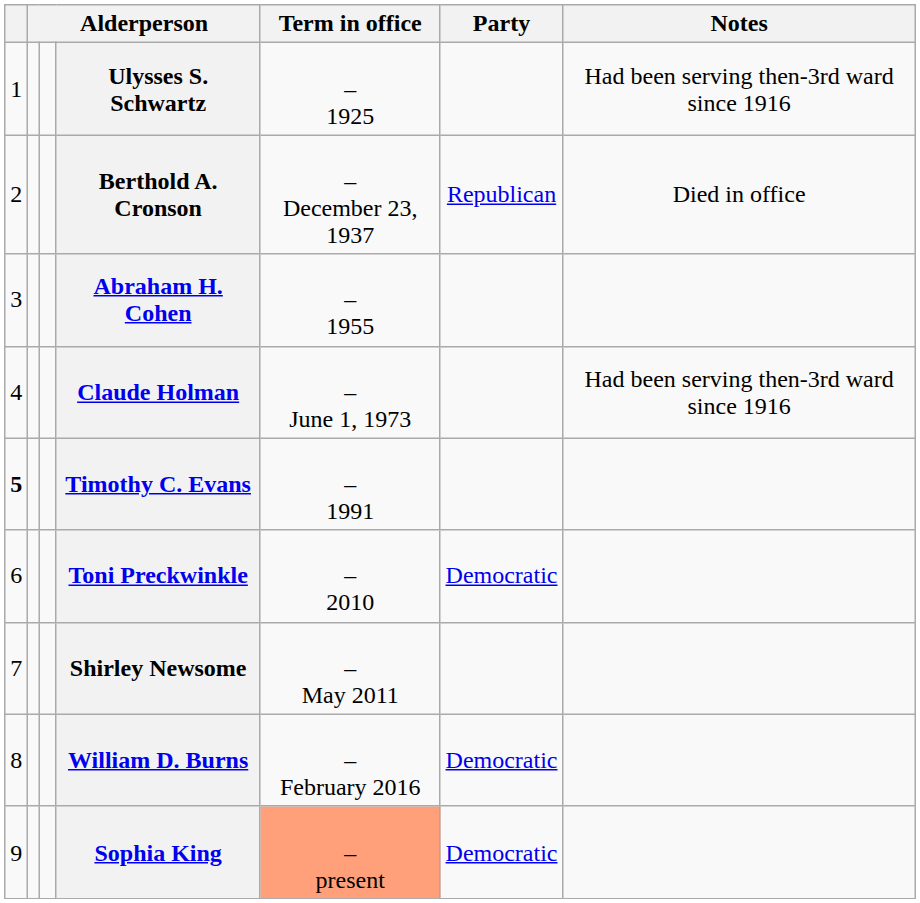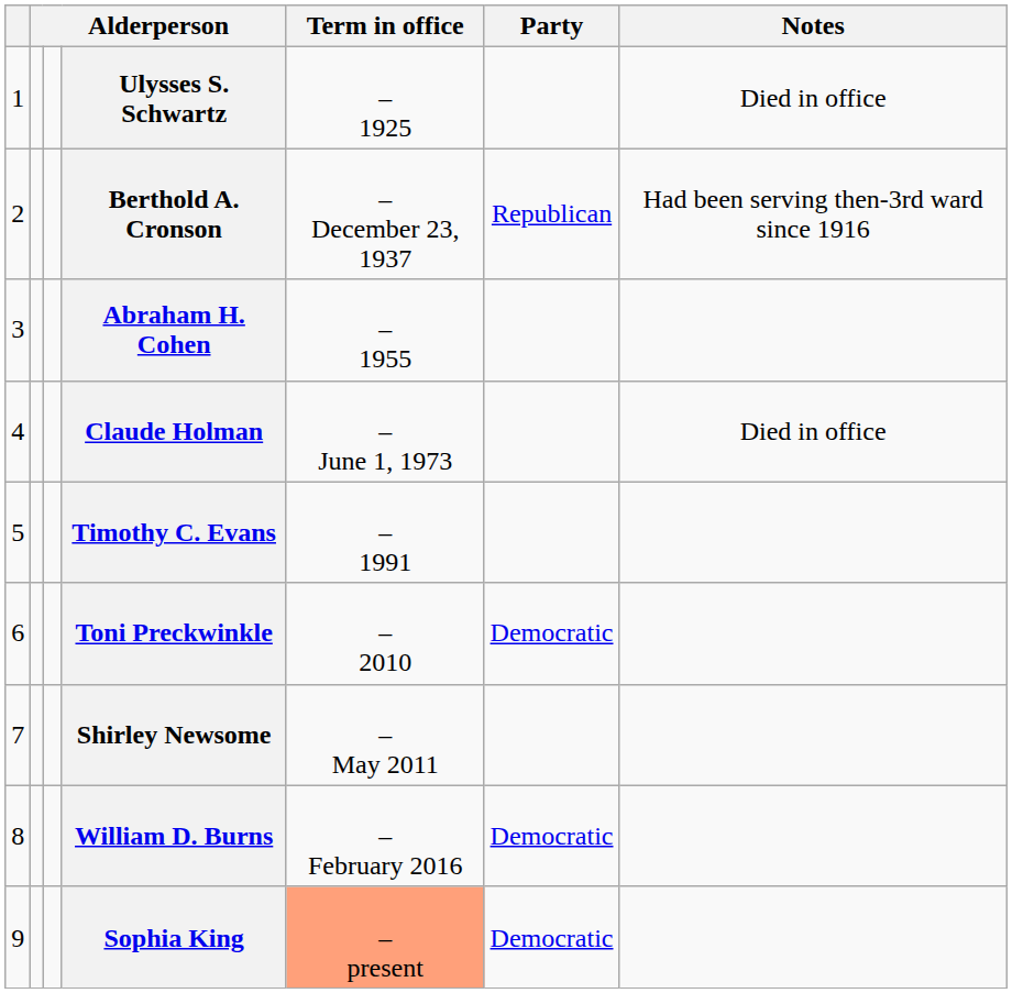 <table class="wikitable sortable" style="text-align:center;">
 <tr>
 <th scope="col"></th>
 <th scope="col" colspan="3">Alderperson</th>
 <th scope="col">Term in office</th>
 <th scope="col">Party</th>
 <th scope="col">Notes</th>
 </tr>
 <tr style="height:2em;">
 <td>1</td>
 <td></td>
 <td> </td>
 <th scope="row">Ulysses S. Schwartz</th>
 <td><br>–<br>1925</td>
 <td></td>
-<td>Had been serving then-3rd ward since 1916</td>
+<td>Died in office</td>
 </tr>
 <tr style="height:2em;">
 <td>2</td>
 <td></td>
 <td> </td>
 <th scope="row">Berthold A. Cronson</th>
 <td><br>–<br>December 23, 1937</td>
 <td><a href='#'>Republican</a></td>
-<td>Died in office</td>
+<td>Had been serving then-3rd ward since 1916</td>
 </tr>
 <tr style="height:2em;">
 <td>3</td>
 <td></td>
 <td> </td>
 <th scope="row"><a href='#'>Abraham H. Cohen</a></th>
 <td><br>–<br>1955</td>
 <td></td>
 <td></td>
 </tr>
 <tr style="height:2em;">
 <td>4</td>
 <td></td>
 <td></td>
 <th scope="row"><a href='#'>Claude Holman</a></th>
 <td><br>–<br>June 1, 1973</td>
 <td></td>
-<td>Had been serving then-3rd ward since 1916</td>
+<td>Died in office</td>
 </tr>
 <tr style="height:2em;">
-<td><strong>5</strong></td>
+<td>5</td>
 <td></td>
 <td></td>
 <th scope="row"><a href='#'>Timothy C. Evans</a></th>
 <td><br>–<br>1991</td>
 <td></td>
 <td></td>
 </tr>
 <tr style="height:2em;">
 <td>6</td>
 <td></td>
 <td> </td>
 <th scope="row"><a href='#'>Toni Preckwinkle</a></th>
 <td><br>–<br>2010</td>
 <td><a href='#'>Democratic</a></td>
 <td></td>
 </tr>
 <tr style="height:2em;">
 <td>7</td>
 <td></td>
 <td> </td>
 <th scope="row">Shirley Newsome</th>
 <td><br>–<br>May 2011</td>
 <td></td>
 <td></td>
 </tr>
 <tr style="height:2em;">
 <td>8</td>
 <td></td>
 <td> </td>
 <th scope="row"><a href='#'>William D. Burns</a></th>
 <td><br>–<br>February 2016</td>
 <td><a href='#'>Democratic</a></td>
 <td></td>
 </tr>
 <tr style="height:2em;">
 <td>9</td>
 <td></td>
 <td> </td>
 <th scope="row"><a href='#'>Sophia King</a></th>
 <td style="background: lightsalmon;"><br>–<br>present</td>
 <td><a href='#'>Democratic</a></td>
 <td></td>
 </tr>
 </table>
